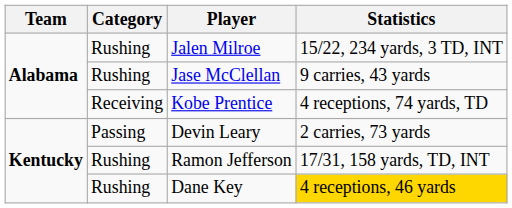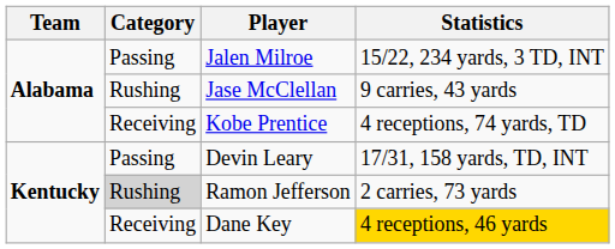 <table class="wikitable" style="float: right;">
 <tr>
 <th>Team</th>
 <th>Category</th>
 <th>Player</th>
 <th>Statistics</th>
 </tr>
 <tr>
 <td rowspan=3><strong>Alabama</strong></td>
-<td>Rushing</td>
+<td>Passing</td>
 <td><a href='#'>Jalen Milroe</a></td>
 <td>15/22, 234 yards, 3 TD, INT</td>
 </tr>
 <tr>
 <td>Rushing</td>
 <td><a href='#'>Jase McClellan</a></td>
 <td>9 carries, 43 yards</td>
 </tr>
 <tr>
 <td>Receiving</td>
 <td><a href='#'>Kobe Prentice</a></td>
 <td>4 receptions, 74 yards, TD</td>
 </tr>
 <tr>
 <td rowspan=3><strong>Kentucky</strong></td>
 <td>Passing</td>
 <td>Devin Leary</td>
+<td>17/31, 158 yards, TD, INT</td>
+</tr>
+<tr>
+<td style="background: lightgrey;">Rushing</td>
+<td>Ramon Jefferson</td>
 <td>2 carries, 73 yards</td>
 </tr>
 <tr>
-<td>Rushing</td>
-<td>Ramon Jefferson</td>
-<td>17/31, 158 yards, TD, INT</td>
-</tr>
-<tr>
-<td>Rushing</td>
+<td>Receiving</td>
 <td>Dane Key</td>
 <td style="background: gold;">4 receptions, 46 yards</td>
 </tr>
 </table>
